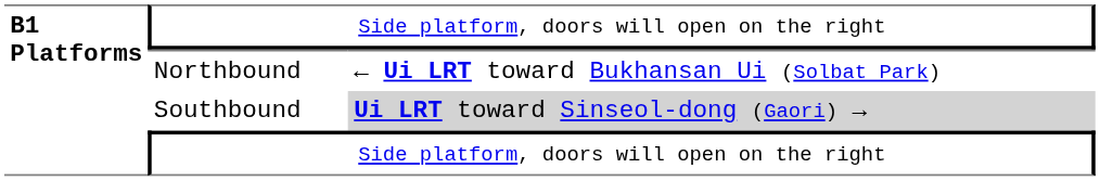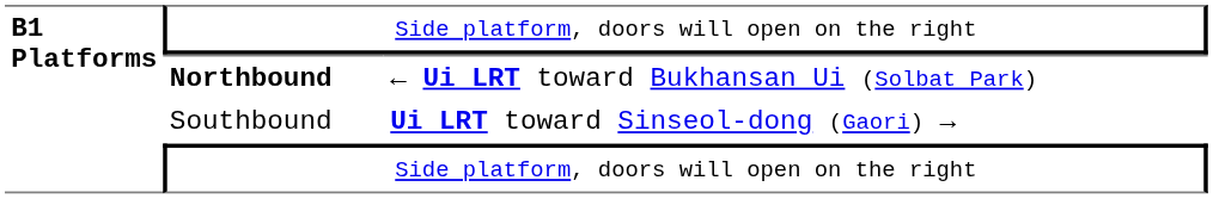 <table table border=0 cellspacing=0 cellpadding=3>
 <tr>
 <td style="border-top:solid 1px gray;border-bottom:solid 1px gray;" width=50 rowspan=10 valign=top><strong>B1<br>Platforms</strong></td>
 <td style="border-top:solid 1px gray;border-right:solid 2px black;border-left:solid 2px black;border-bottom:solid 2px black;text-align:center;" colspan=2><small><a href='#'>Side platform</a>, doors will open on the right</small></td>
 </tr>
 <tr>
-<td style="border-bottom:solid 0px gray;border-top:solid 1px gray;" width=100>Northbound</td>
+<td style="border-bottom:solid 0px gray;border-top:solid 1px gray;" width=100><strong>Northbound</strong></td>
 <td style="border-bottom:solid 0px gray;border-top:solid 1px gray;" width=390>← <a href='#'><span><strong>Ui LRT</strong></span></a> toward <a href='#'>Bukhansan Ui</a> <small>(<a href='#'>Solbat Park</a>)</small></td>
 </tr>
 <tr>
 <td>Southbound</td>
-<td style="background: lightgrey;"> <a href='#'><span><strong>Ui LRT</strong></span></a> toward <a href='#'>Sinseol-dong</a> <small>(<a href='#'>Gaori</a>)</small> →</td>
+<td> <a href='#'><span><strong>Ui LRT</strong></span></a> toward <a href='#'>Sinseol-dong</a> <small>(<a href='#'>Gaori</a>)</small> →</td>
 </tr>
 <tr>
 <td style="border-top:solid 2px black;border-right:solid 2px black;border-left:solid 2px black;border-bottom:solid 1px gray;text-align:center;" colspan=2><small><a href='#'>Side platform</a>, doors will open on the right</small></td>
 </tr>
 </table>
